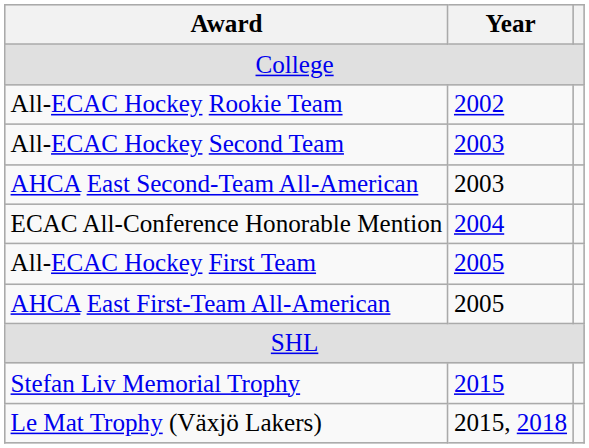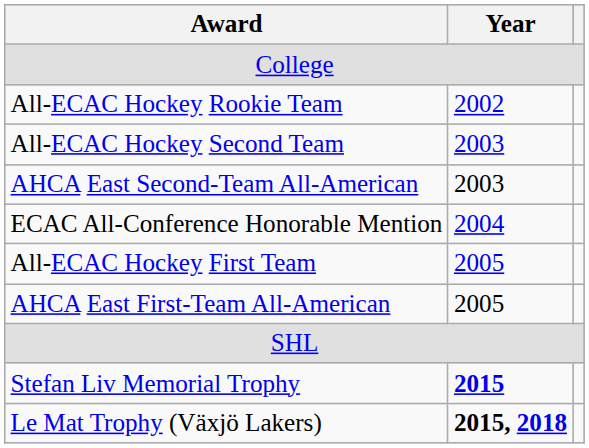 <table class="wikitable">
 <tr>
 <th>Award</th>
 <th>Year</th>
 <th></th>
 </tr>
 <tr ALIGN="center" bgcolor="#e0e0e0">
 <td colspan="3"><a href='#'>College</a></td>
 </tr>
 <tr>
 <td>All-<a href='#'>ECAC Hockey</a> <a href='#'>Rookie Team</a></td>
 <td><a href='#'>2002</a></td>
 <td></td>
 </tr>
 <tr>
 <td>All-<a href='#'>ECAC Hockey</a> <a href='#'>Second Team</a></td>
 <td><a href='#'>2003</a></td>
 <td></td>
 </tr>
 <tr>
 <td><a href='#'>AHCA</a> <a href='#'>East Second-Team All-American</a></td>
 <td>2003</td>
 <td></td>
 </tr>
 <tr>
 <td>ECAC All-Conference Honorable Mention</td>
 <td><a href='#'>2004</a></td>
 <td></td>
 </tr>
 <tr>
 <td>All-<a href='#'>ECAC Hockey</a> <a href='#'>First Team</a></td>
 <td><a href='#'>2005</a></td>
 <td></td>
 </tr>
 <tr>
 <td><a href='#'>AHCA</a> <a href='#'>East First-Team All-American</a></td>
 <td>2005</td>
 <td></td>
 </tr>
 <tr ALIGN="center" bgcolor="#e0e0e0">
 <td colspan="3"><a href='#'>SHL</a></td>
 </tr>
 <tr>
 <td><a href='#'>Stefan Liv Memorial Trophy</a></td>
-<td><a href='#'>2015</a></td>
+<td><strong><a href='#'>2015</a></strong></td>
 <td></td>
 </tr>
 <tr>
 <td><a href='#'>Le Mat Trophy</a> (Växjö Lakers)</td>
-<td>2015, <a href='#'>2018</a></td>
+<td><strong>2015, <a href='#'>2018</a></strong></td>
 <td></td>
 </tr>
 </table>
